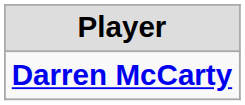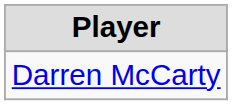 <table class="wikitable">
 <tr style="text-align:center; background:#ddd;">
 <td><strong>Player</strong></td>
 </tr>
 <tr>
-<td><strong><a href='#'>Darren McCarty</a></strong></td>
+<td><a href='#'>Darren McCarty</a></td>
 </tr>
 </table>
